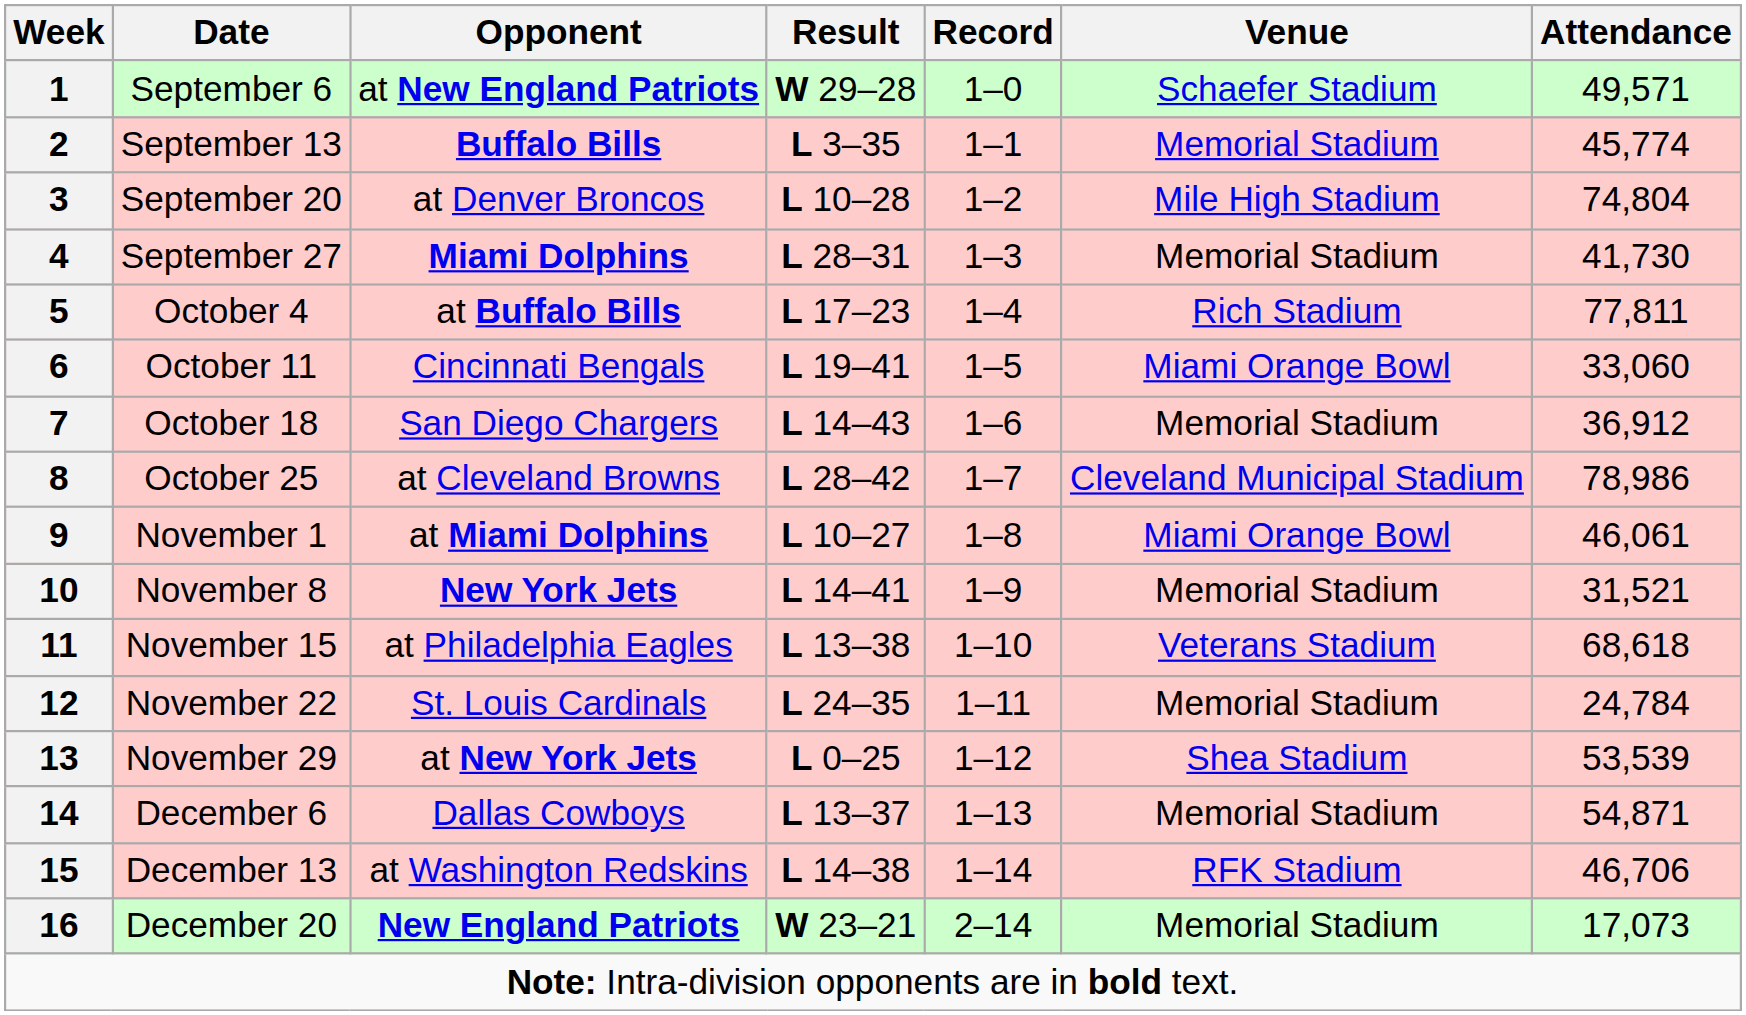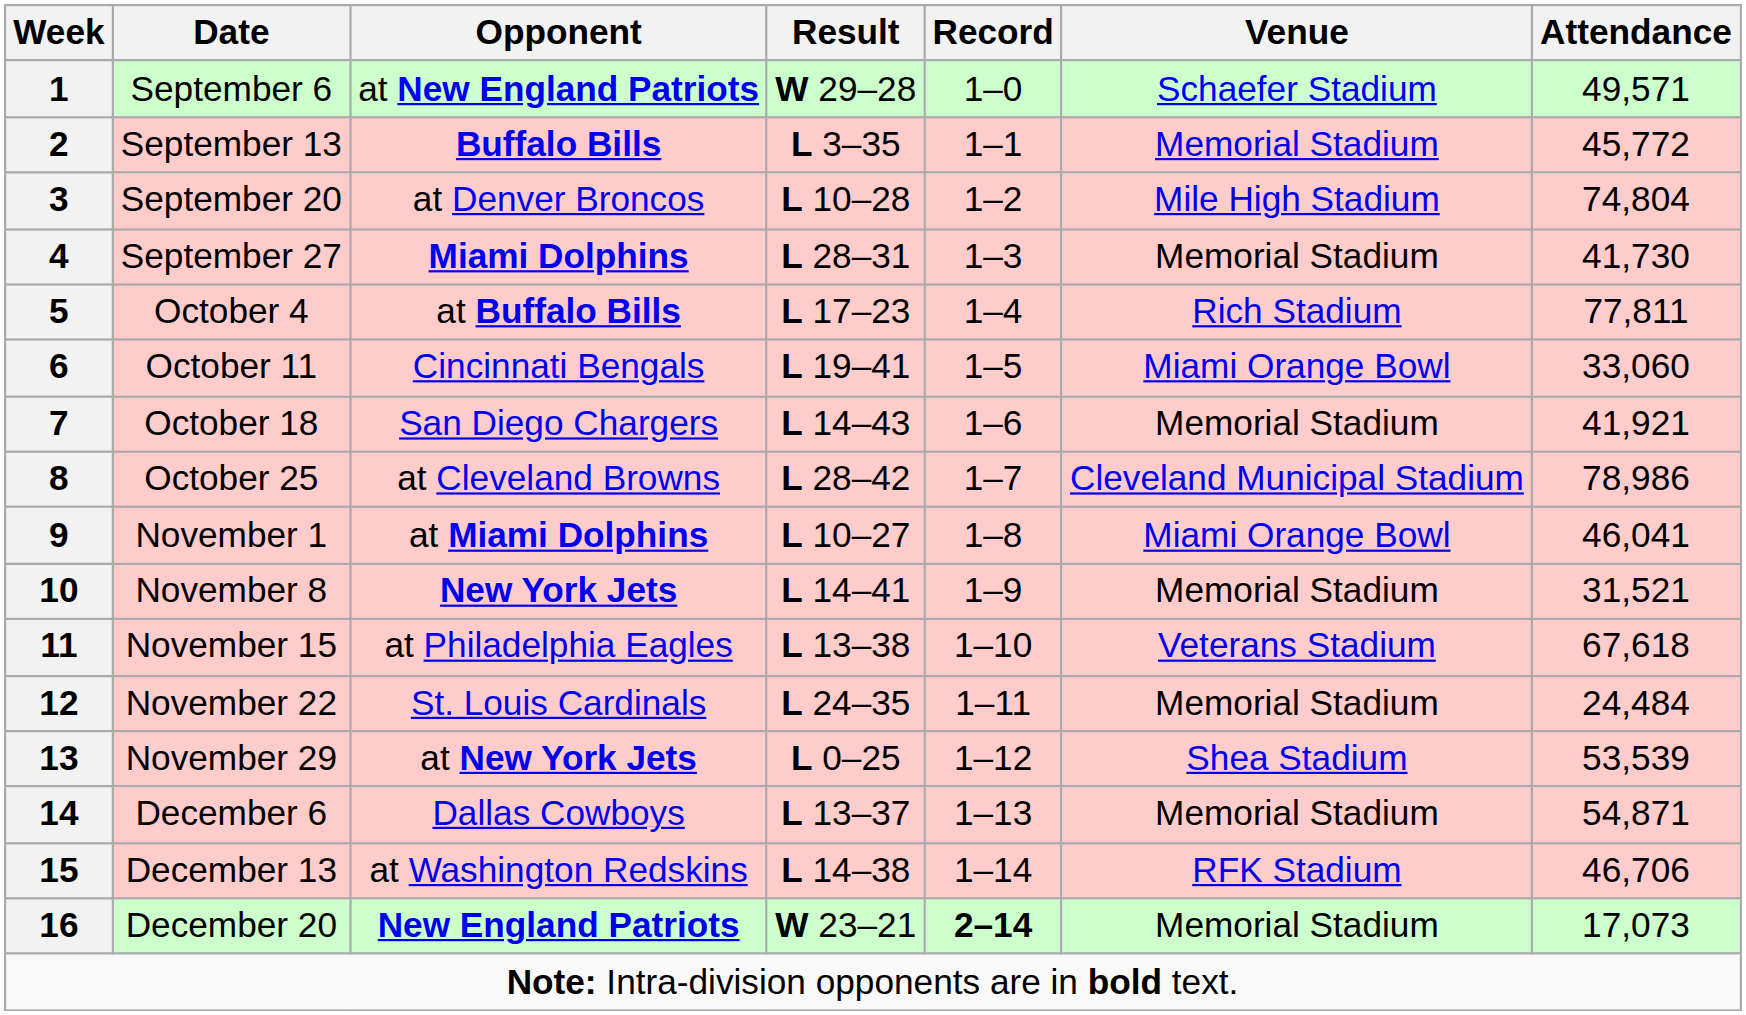 <table class="wikitable" style="text-align:center">
 <tr>
 <th>Week</th>
 <th>Date</th>
 <th>Opponent</th>
 <th>Result</th>
 <th>Record</th>
 <th>Venue</th>
 <th>Attendance</th>
 </tr>
 <tr style="background:#cfc">
 <th>1</th>
 <td>September 6</td>
 <td>at <strong><a href='#'>New England Patriots</a></strong></td>
 <td><strong>W</strong> 29–28</td>
 <td>1–0</td>
 <td><a href='#'>Schaefer Stadium</a></td>
 <td>49,571</td>
 </tr>
 <tr style="background:#fcc">
 <th>2</th>
 <td>September 13</td>
 <td><strong><a href='#'>Buffalo Bills</a></strong></td>
 <td><strong>L</strong> 3–35</td>
 <td>1–1</td>
 <td><a href='#'>Memorial Stadium</a></td>
-<td>45,774</td>
+<td>45,772</td>
 </tr>
 <tr style="background:#fcc">
 <th>3</th>
 <td>September 20</td>
 <td>at <a href='#'>Denver Broncos</a></td>
 <td><strong>L</strong> 10–28</td>
 <td>1–2</td>
 <td><a href='#'>Mile High Stadium</a></td>
 <td>74,804</td>
 </tr>
 <tr style="background:#fcc">
 <th>4</th>
 <td>September 27</td>
 <td><strong><a href='#'>Miami Dolphins</a></strong></td>
 <td><strong>L</strong> 28–31</td>
 <td>1–3</td>
 <td>Memorial Stadium</td>
 <td>41,730</td>
 </tr>
 <tr style="background:#fcc">
 <th>5</th>
 <td>October 4</td>
 <td>at <strong><a href='#'>Buffalo Bills</a></strong></td>
 <td><strong>L</strong> 17–23</td>
 <td>1–4</td>
 <td><a href='#'>Rich Stadium</a></td>
 <td>77,811</td>
 </tr>
 <tr style="background:#fcc">
 <th>6</th>
 <td>October 11</td>
 <td><a href='#'>Cincinnati Bengals</a></td>
 <td><strong>L</strong> 19–41</td>
 <td>1–5</td>
 <td><a href='#'>Miami Orange Bowl</a></td>
 <td>33,060</td>
 </tr>
 <tr style="background:#fcc">
 <th>7</th>
 <td>October 18</td>
 <td><a href='#'>San Diego Chargers</a></td>
 <td><strong>L</strong> 14–43</td>
 <td>1–6</td>
 <td>Memorial Stadium</td>
-<td>36,912</td>
+<td>41,921</td>
 </tr>
 <tr style="background:#fcc">
 <th>8</th>
 <td>October 25</td>
 <td>at <a href='#'>Cleveland Browns</a></td>
 <td><strong>L</strong> 28–42</td>
 <td>1–7</td>
 <td><a href='#'>Cleveland Municipal Stadium</a></td>
 <td>78,986</td>
 </tr>
 <tr style="background:#fcc">
 <th>9</th>
 <td>November 1</td>
 <td>at <strong><a href='#'>Miami Dolphins</a></strong></td>
 <td><strong>L</strong> 10–27</td>
 <td>1–8</td>
 <td><a href='#'>Miami Orange Bowl</a></td>
-<td>46,061</td>
+<td>46,041</td>
 </tr>
 <tr style="background:#fcc">
 <th>10</th>
 <td>November 8</td>
 <td><strong><a href='#'>New York Jets</a></strong></td>
 <td><strong>L</strong> 14–41</td>
 <td>1–9</td>
 <td>Memorial Stadium</td>
 <td>31,521</td>
 </tr>
 <tr style="background:#fcc">
 <th>11</th>
 <td>November 15</td>
 <td>at <a href='#'>Philadelphia Eagles</a></td>
 <td><strong>L</strong> 13–38</td>
 <td>1–10</td>
 <td><a href='#'>Veterans Stadium</a></td>
-<td>68,618</td>
+<td>67,618</td>
 </tr>
 <tr style="background:#fcc">
 <th>12</th>
 <td>November 22</td>
 <td><a href='#'>St. Louis Cardinals</a></td>
 <td><strong>L</strong> 24–35</td>
 <td>1–11</td>
 <td>Memorial Stadium</td>
-<td>24,784</td>
+<td>24,484</td>
 </tr>
 <tr style="background:#fcc">
 <th>13</th>
 <td>November 29</td>
 <td>at <strong><a href='#'>New York Jets</a></strong></td>
 <td><strong>L</strong> 0–25</td>
 <td>1–12</td>
 <td><a href='#'>Shea Stadium</a></td>
 <td>53,539</td>
 </tr>
 <tr style="background:#fcc">
 <th>14</th>
 <td>December 6</td>
 <td><a href='#'>Dallas Cowboys</a></td>
 <td><strong>L</strong> 13–37</td>
 <td>1–13</td>
 <td>Memorial Stadium</td>
 <td>54,871</td>
 </tr>
 <tr style="background:#fcc">
 <th>15</th>
 <td>December 13</td>
 <td>at <a href='#'>Washington Redskins</a></td>
 <td><strong>L</strong> 14–38</td>
 <td>1–14</td>
 <td><a href='#'>RFK Stadium</a></td>
 <td>46,706</td>
 </tr>
 <tr style="background:#cfc">
 <th>16</th>
 <td>December 20</td>
 <td><strong><a href='#'>New England Patriots</a></strong></td>
 <td><strong>W</strong> 23–21</td>
-<td>2–14</td>
+<td><strong>2–14</strong></td>
 <td>Memorial Stadium</td>
 <td>17,073</td>
 </tr>
 <tr>
 <td colspan="8"><strong>Note:</strong> Intra-division opponents are in <strong>bold</strong> text.</td>
 </tr>
 </table>
